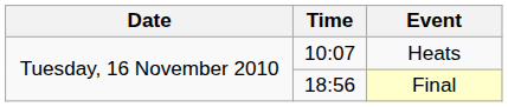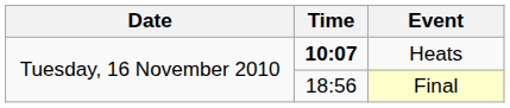 <table class = "wikitable" style="text-align:center;">
 <tr>
 <th width=220>Date</th>
 <th width=50>Time</th>
 <th width=100>Event</th>
 </tr>
 <tr>
 <td rowspan=2>Tuesday, 16 November 2010</td>
-<td>10:07</td>
+<td><strong>10:07</strong></td>
 <td>Heats</td>
 </tr>
 <tr>
 <td>18:56</td>
 <td bgcolor=ffffcc>Final</td>
 </tr>
 </table>
